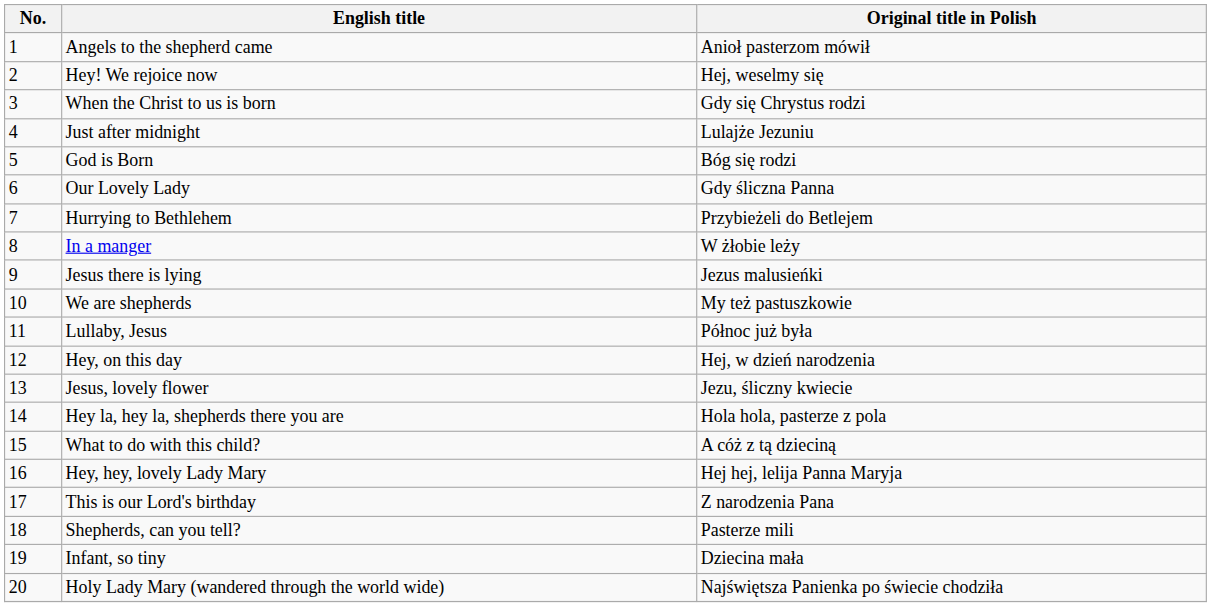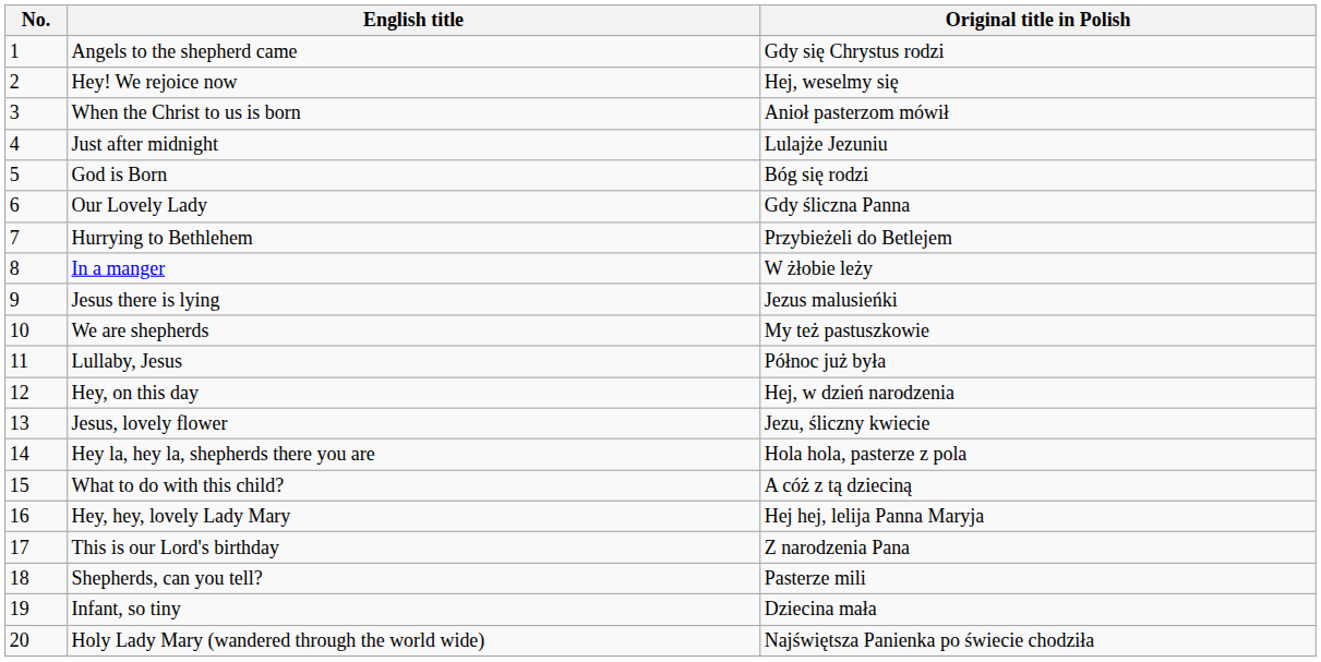 <table class="wikitable" width="85%">
 <tr>
 <th>No.</th>
 <th>English title </th>
 <th>Original title in Polish </th>
 </tr>
 <tr>
 <td>1</td>
 <td>Angels to the shepherd came</td>
-<td>Anioł pasterzom mówił</td>
+<td>Gdy się Chrystus rodzi</td>
 </tr>
 <tr>
 <td>2</td>
 <td>Hey! We rejoice now</td>
 <td>Hej, weselmy się</td>
 </tr>
 <tr>
 <td>3</td>
 <td>When the Christ to us is born</td>
-<td>Gdy się Chrystus rodzi</td>
+<td>Anioł pasterzom mówił</td>
 </tr>
 <tr>
 <td>4</td>
 <td>Just after midnight</td>
 <td>Lulajże Jezuniu</td>
 </tr>
 <tr>
 <td>5</td>
 <td>God is Born</td>
 <td>Bóg się rodzi</td>
 </tr>
 <tr>
 <td>6</td>
 <td>Our Lovely Lady</td>
 <td>Gdy śliczna Panna</td>
 </tr>
 <tr>
 <td>7</td>
 <td>Hurrying to Bethlehem</td>
 <td>Przybieżeli do Betlejem</td>
 </tr>
 <tr>
 <td>8</td>
 <td><a href='#'>In a manger</a></td>
 <td>W żłobie leży</td>
 </tr>
 <tr>
 <td>9</td>
 <td>Jesus there is lying</td>
 <td>Jezus malusieńki</td>
 </tr>
 <tr>
 <td>10</td>
 <td>We are shepherds</td>
 <td>My też pastuszkowie</td>
 </tr>
 <tr>
 <td>11</td>
 <td>Lullaby, Jesus</td>
 <td>Północ już była</td>
 </tr>
 <tr>
 <td>12</td>
 <td>Hey, on this day</td>
 <td>Hej, w dzień narodzenia</td>
 </tr>
 <tr>
 <td>13</td>
 <td>Jesus, lovely flower</td>
 <td>Jezu, śliczny kwiecie</td>
 </tr>
 <tr>
 <td>14</td>
 <td>Hey la, hey la, shepherds there you are</td>
 <td>Hola hola, pasterze z pola</td>
 </tr>
 <tr>
 <td>15</td>
 <td>What to do with this child?</td>
 <td>A cóż z tą dzieciną</td>
 </tr>
 <tr>
 <td>16</td>
 <td>Hey, hey, lovely Lady Mary</td>
 <td>Hej hej, lelija Panna Maryja</td>
 </tr>
 <tr>
 <td>17</td>
 <td>This is our Lord's birthday</td>
 <td>Z narodzenia Pana</td>
 </tr>
 <tr>
 <td>18</td>
 <td>Shepherds, can you tell?</td>
 <td>Pasterze mili</td>
 </tr>
 <tr>
 <td>19</td>
 <td>Infant, so tiny</td>
 <td>Dziecina mała</td>
 </tr>
 <tr>
 <td>20</td>
 <td>Holy Lady Mary (wandered through the world wide)</td>
 <td>Najświętsza Panienka po świecie chodziła</td>
 </tr>
 <tr>
 </tr>
 </table>
